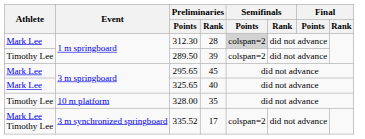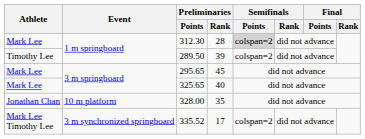 <table class=wikitable style="font-size:90%;">
 <tr>
 <th rowspan="2">Athlete</th>
 <th rowspan="2">Event</th>
 <th colspan="2">Preliminaries</th>
 <th colspan="2">Semifinals</th>
 <th colspan="2">Final</th>
 </tr>
 <tr style="font-size:95%">
 <th>Points</th>
 <th>Rank</th>
 <th>Points</th>
 <th>Rank</th>
 <th>Points</th>
 <th>Rank</th>
 </tr>
 <tr align=center>
 <td align=left><a href='#'>Mark Lee</a></td>
 <td align=left rowspan=2><a href='#'>1 m springboard</a></td>
 <td>312.30</td>
 <td>28</td>
 <td style="background: lightgrey;">colspan=2 </td>
 <td colspan=2>did not advance</td>
 </tr>
 <tr align=center>
 <td align=left>Timothy Lee</td>
 <td>289.50</td>
 <td>39</td>
 <td>colspan=2 </td>
 <td colspan=2>did not advance</td>
 </tr>
 <tr align=center>
 <td align=left><a href='#'>Mark Lee</a></td>
 <td align=left rowspan=2><a href='#'>3 m springboard</a></td>
 <td>295.65</td>
 <td>45</td>
 <td colspan=4>did not advance</td>
 </tr>
 <tr align=center>
 <td align=left><a href='#'>Mark Lee</a></td>
 <td>325.65</td>
 <td>40</td>
 <td colspan=4>did not advance</td>
 </tr>
 <tr align=center>
-<td align=left>Timothy Lee</td>
+<td align=left><a href='#'>Jonathan Chan</a></td>
 <td align=left><a href='#'>10 m platform</a></td>
 <td>328.00</td>
 <td>35</td>
 <td colspan=4>did not advance</td>
 </tr>
 <tr align=center>
 <td align=left><a href='#'>Mark Lee</a><br>Timothy Lee</td>
 <td align=left><a href='#'>3 m synchronized springboard</a></td>
 <td>335.52</td>
 <td>17</td>
 <td>colspan=2 </td>
 <td colspan=2>did not advance</td>
 </tr>
 </table>
